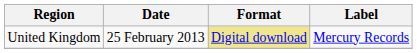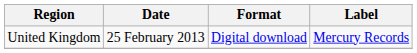 <table class=wikitable>
 <tr>
 <th>Region</th>
 <th>Date</th>
 <th>Format</th>
 <th>Label</th>
 </tr>
 <tr>
 <td>United Kingdom</td>
 <td>25 February 2013</td>
-<td style="background: khaki;"><a href='#'>Digital download</a></td>
+<td><a href='#'>Digital download</a></td>
 <td><a href='#'>Mercury Records</a></td>
 </tr>
 <tr>
 </tr>
 </table>
